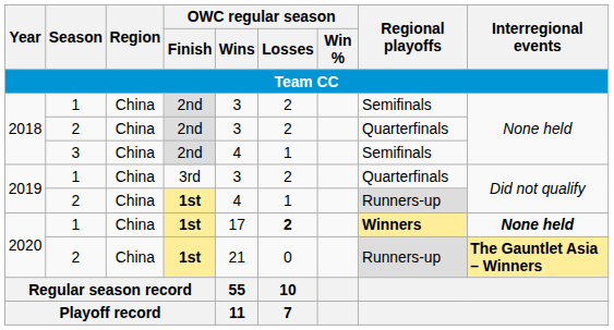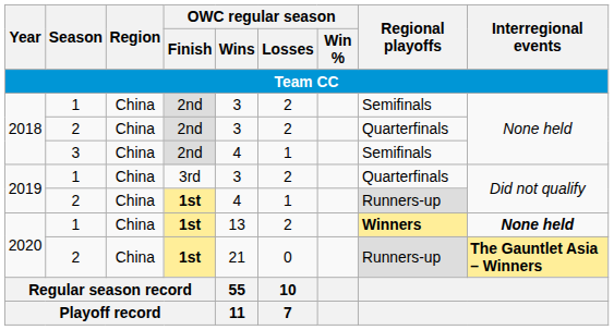 <table class="wikitable" style="text-align:center; font-size:95%;">
 <tr>
 <th rowspan="2">Year</th>
 <th rowspan="2">Season</th>
 <th rowspan="2">Region</th>
 <th colspan="4">OWC regular season</th>
 <th rowspan="2">Regional playoffs</th>
 <th rowspan="2">Interregional events</th>
 </tr>
 <tr>
 <th>Finish</th>
 <th>Wins</th>
 <th>Losses</th>
 <th>Win %</th>
 </tr>
 <tr>
 <th colspan="9" style="background:#0096D6; color:#FFFFFF;">Team CC</th>
 </tr>
 <tr>
 <td rowspan= "3">2018</td>
 <td>1</td>
 <td>China</td>
 <td bgcolor="#DDD">2nd</td>
 <td>3</td>
 <td>2</td>
 <td></td>
 <td style="text-align:left;">Semifinals</td>
 <td rowspan="3"><em>None held</em></td>
 </tr>
 <tr>
 <td>2</td>
 <td>China</td>
 <td bgcolor="#DDD">2nd</td>
 <td>3</td>
 <td>2</td>
 <td></td>
 <td style="text-align:left;">Quarterfinals</td>
 </tr>
 <tr>
 <td>3</td>
 <td>China</td>
 <td bgcolor="#DDD">2nd</td>
 <td>4</td>
 <td>1</td>
 <td></td>
 <td style="text-align:left;">Semifinals</td>
 </tr>
 <tr>
 <td rowspan= "2">2019</td>
 <td>1</td>
 <td>China</td>
 <td>3rd</td>
 <td>3</td>
 <td>2</td>
 <td></td>
 <td style="text-align:left;">Quarterfinals</td>
 <td rowspan="2"><em>Did not qualify</em></td>
 </tr>
 <tr>
 <td>2</td>
 <td>China</td>
 <td bgcolor="#FFEE99"><strong>1st</strong></td>
 <td>4</td>
 <td>1</td>
 <td></td>
 <td bgcolor="#DDD" style="text-align:left;">Runners-up</td>
 </tr>
 <tr>
 <td rowspan= "2">2020</td>
 <td>1</td>
 <td>China</td>
 <td bgcolor="#FFEE99"><strong>1st</strong></td>
-<td>17</td>
-<td><strong>2</strong></td>
+<td>13</td>
+<td>2</td>
 <td></td>
 <td bgcolor="#FFEE99" style="text-align:left;"><strong>Winners</strong></td>
 <td><strong><em>None held</em></strong></td>
 </tr>
 <tr>
 <td>2</td>
 <td>China</td>
 <td bgcolor="#FFEE99"><strong>1st</strong></td>
 <td>21</td>
 <td>0</td>
 <td></td>
 <td bgcolor="#DDD" style="text-align:left;">Runners-up</td>
 <td bgcolor="#FFEE99" style="text-align:left;"><strong>The Gauntlet Asia – Winners</strong></td>
 </tr>
 <tr>
 <th colspan="4">Regular season record</th>
 <th>55</th>
 <th>10</th>
 <th></th>
 <th colspan="3"></th>
 </tr>
 <tr>
 <th colspan="4">Playoff record</th>
 <th>11</th>
 <th>7</th>
 <th></th>
 <th colspan="3"></th>
 </tr>
 </table>
